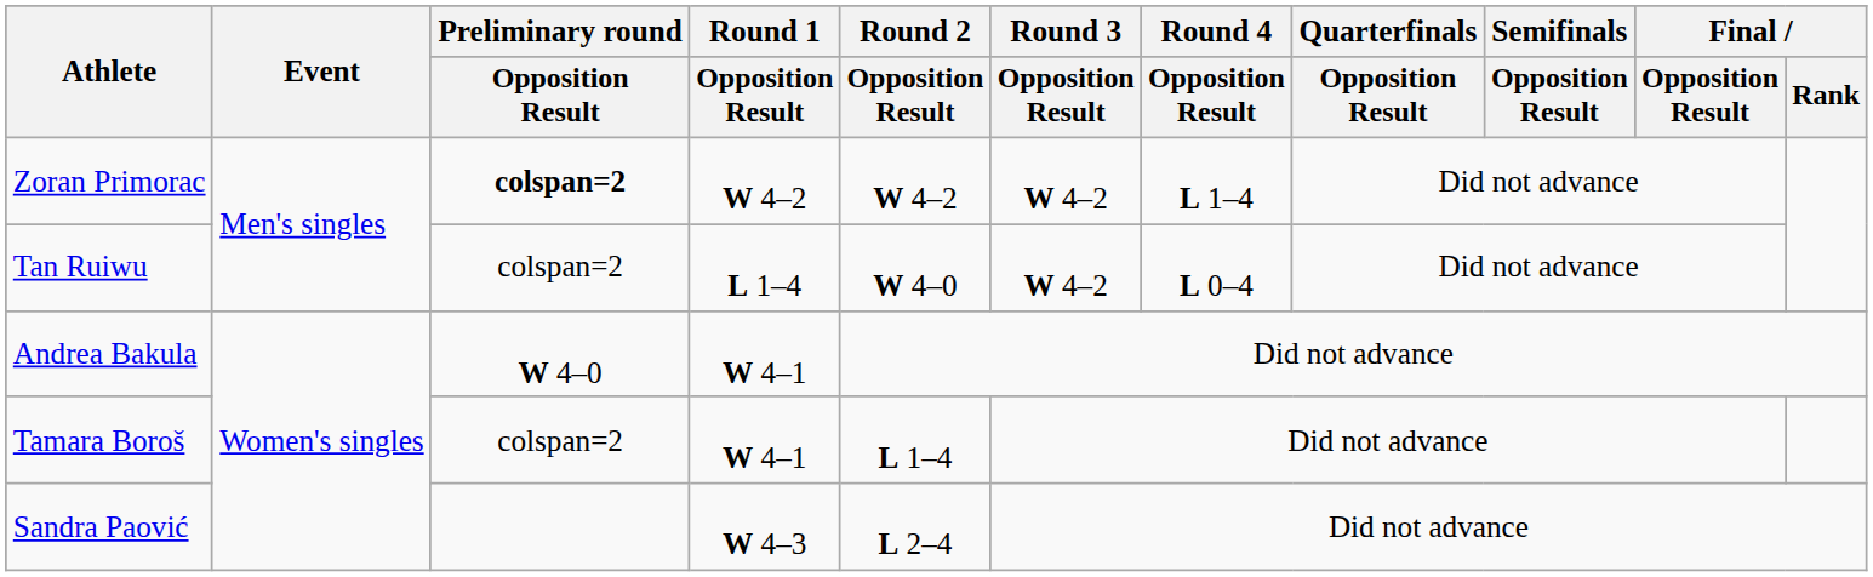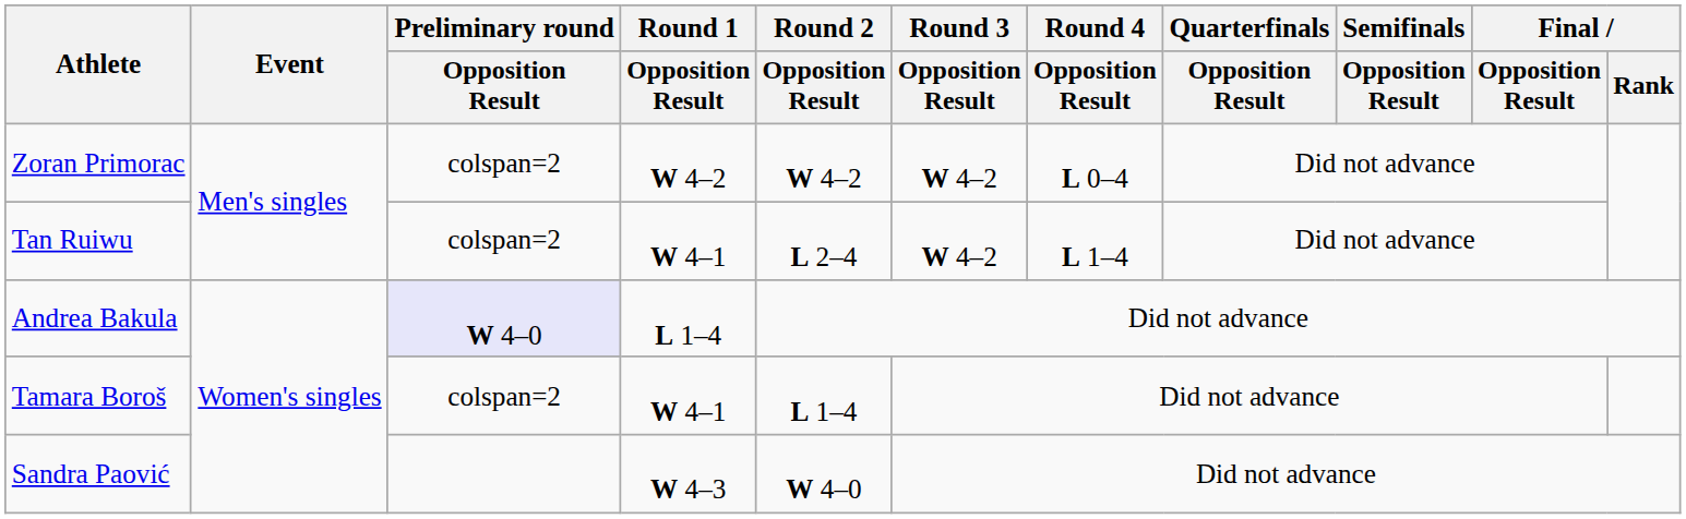 <table class="wikitable" style="font-size:90%">
 <tr>
 <th rowspan="2">Athlete</th>
 <th rowspan="2">Event</th>
 <th>Preliminary round</th>
 <th>Round 1</th>
 <th>Round 2</th>
 <th>Round 3</th>
 <th>Round 4</th>
 <th>Quarterfinals</th>
 <th>Semifinals</th>
 <th colspan=2>Final / </th>
 </tr>
 <tr style="font-size:95%">
 <th>Opposition<br>Result</th>
 <th>Opposition<br>Result</th>
 <th>Opposition<br>Result</th>
 <th>Opposition<br>Result</th>
 <th>Opposition<br>Result</th>
 <th>Opposition<br>Result</th>
 <th>Opposition<br>Result</th>
 <th>Opposition<br>Result</th>
 <th>Rank</th>
 </tr>
 <tr align=center>
 <td align=left><a href='#'>Zoran Primorac</a></td>
 <td align=left rowspan=2><a href='#'>Men's singles</a></td>
-<td><strong>colspan=2 </strong></td>
+<td>colspan=2 </td>
 <td><br><strong>W</strong> 4–2</td>
 <td><br><strong>W</strong> 4–2</td>
+<td><br><strong>W</strong> 4–2</td>
+<td><br><strong>L</strong> 0–4</td>
+<td colspan=3>Did not advance</td>
+</tr>
+<tr align=center>
+<td align=left><a href='#'>Tan Ruiwu</a></td>
+<td>colspan=2 </td>
+<td><br><strong>W</strong> 4–1</td>
+<td><br><strong>L</strong> 2–4</td>
 <td><br><strong>W</strong> 4–2</td>
 <td><br><strong>L</strong> 1–4</td>
 <td colspan=3>Did not advance</td>
 </tr>
 <tr align=center>
-<td align=left><a href='#'>Tan Ruiwu</a></td>
-<td>colspan=2 </td>
-<td><br><strong>L</strong> 1–4</td>
-<td><br><strong>W</strong> 4–0</td>
-<td><br><strong>W</strong> 4–2</td>
-<td><br><strong>L</strong> 0–4</td>
-<td colspan=3>Did not advance</td>
-</tr>
-<tr align=center>
 <td align=left><a href='#'>Andrea Bakula</a></td>
 <td align=left rowspan=3><a href='#'>Women's singles</a></td>
-<td><br><strong>W</strong> 4–0</td>
-<td><br><strong>W</strong> 4–1</td>
+<td style="background: lavender;"><br><strong>W</strong> 4–0</td>
+<td><br><strong>L</strong> 1–4</td>
 <td colspan=7>Did not advance</td>
 </tr>
 <tr align=center>
 <td align=left><a href='#'>Tamara Boroš</a></td>
 <td>colspan=2 </td>
 <td><br><strong>W</strong> 4–1</td>
 <td><br><strong>L</strong> 1–4</td>
 <td colspan=5>Did not advance</td>
 </tr>
 <tr align=center>
 <td align=left><a href='#'>Sandra Paović</a></td>
 <td></td>
 <td><br><strong>W</strong> 4–3</td>
-<td><br><strong>L</strong> 2–4</td>
+<td><br><strong>W</strong> 4–0</td>
 <td colspan=6>Did not advance</td>
 </tr>
 </table>
